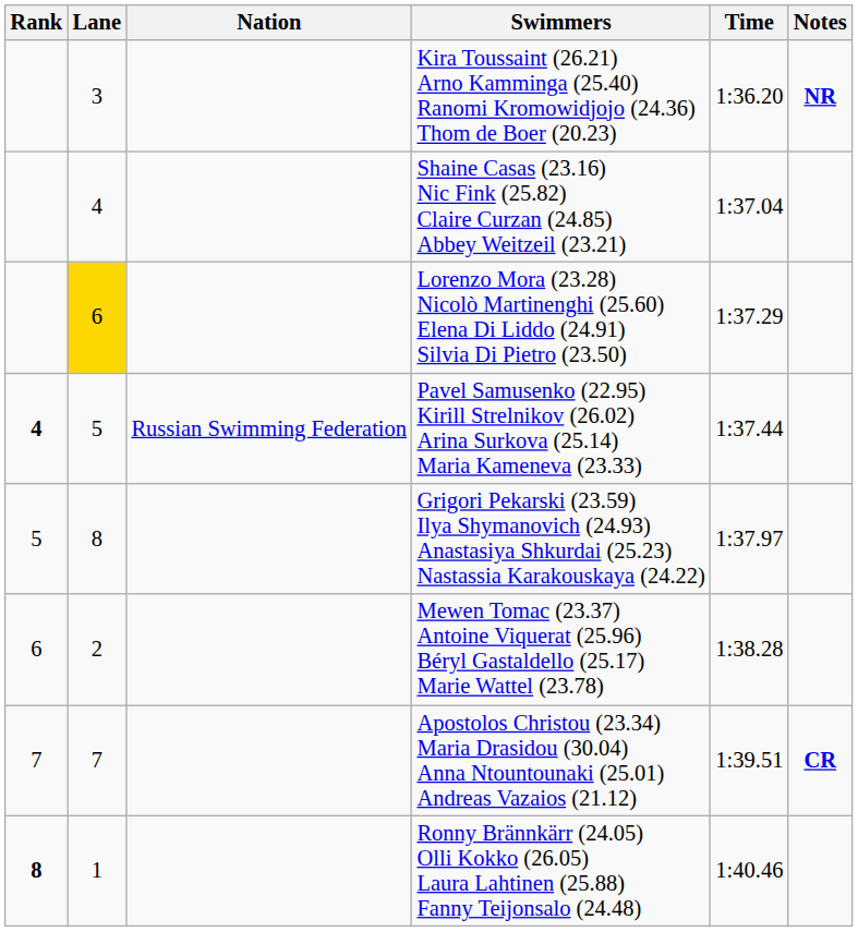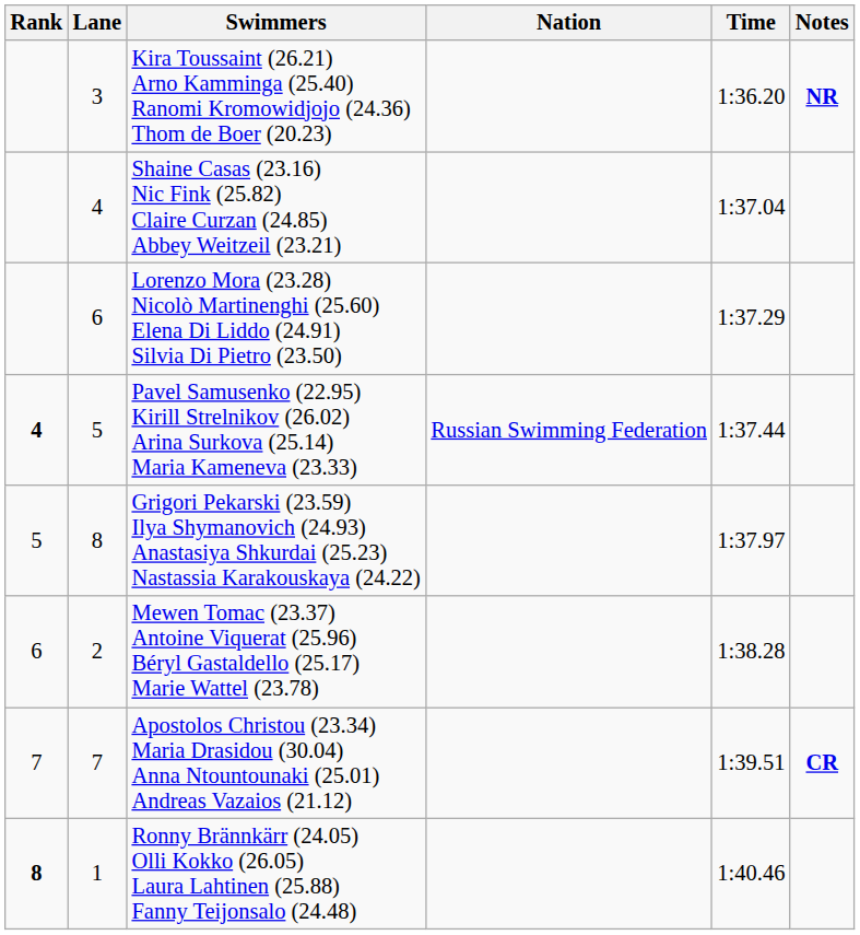 <table class="wikitable sortable" style="text-align:center">
 <tr>
 <th>Rank</th>
 <th>Lane</th>
+<th>Swimmers</th>
 <th>Nation</th>
-<th>Swimmers</th>
 <th>Time</th>
 <th>Notes</th>
 </tr>
 <tr>
 <td></td>
 <td>3</td>
+<td align=left><a href='#'>Kira Toussaint</a> (26.21)<br><a href='#'>Arno Kamminga</a> (25.40)<br><a href='#'>Ranomi Kromowidjojo</a> (24.36)<br><a href='#'>Thom de Boer</a> (20.23)</td>
 <td align=left></td>
-<td align=left><a href='#'>Kira Toussaint</a> (26.21)<br><a href='#'>Arno Kamminga</a> (25.40)<br><a href='#'>Ranomi Kromowidjojo</a> (24.36)<br><a href='#'>Thom de Boer</a> (20.23)</td>
 <td>1:36.20</td>
 <td><strong><a href='#'>NR</a></strong></td>
 </tr>
 <tr>
 <td></td>
 <td>4</td>
+<td align=left><a href='#'>Shaine Casas</a> (23.16)<br><a href='#'>Nic Fink</a> (25.82)<br><a href='#'>Claire Curzan</a> (24.85)<br><a href='#'>Abbey Weitzeil</a> (23.21)</td>
 <td align=left></td>
-<td align=left><a href='#'>Shaine Casas</a> (23.16)<br><a href='#'>Nic Fink</a> (25.82)<br><a href='#'>Claire Curzan</a> (24.85)<br><a href='#'>Abbey Weitzeil</a> (23.21)</td>
 <td>1:37.04</td>
 <td></td>
 </tr>
 <tr>
 <td></td>
-<td style="background: gold;">6</td>
+<td>6</td>
+<td align=left><a href='#'>Lorenzo Mora</a> (23.28)<br><a href='#'>Nicolò Martinenghi</a> (25.60)<br><a href='#'>Elena Di Liddo</a> (24.91)<br><a href='#'>Silvia Di Pietro</a> (23.50)</td>
 <td align=left></td>
-<td align=left><a href='#'>Lorenzo Mora</a> (23.28)<br><a href='#'>Nicolò Martinenghi</a> (25.60)<br><a href='#'>Elena Di Liddo</a> (24.91)<br><a href='#'>Silvia Di Pietro</a> (23.50)</td>
 <td>1:37.29</td>
 <td></td>
 </tr>
 <tr>
 <td><strong>4</strong></td>
 <td>5</td>
+<td align=left><a href='#'>Pavel Samusenko</a> (22.95)<br><a href='#'>Kirill Strelnikov</a> (26.02)<br><a href='#'>Arina Surkova</a> (25.14)<br><a href='#'>Maria Kameneva</a> (23.33)</td>
 <td align=left><a href='#'>Russian Swimming Federation</a></td>
-<td align=left><a href='#'>Pavel Samusenko</a> (22.95)<br><a href='#'>Kirill Strelnikov</a> (26.02)<br><a href='#'>Arina Surkova</a> (25.14)<br><a href='#'>Maria Kameneva</a> (23.33)</td>
 <td>1:37.44</td>
 <td></td>
 </tr>
 <tr>
 <td>5</td>
 <td>8</td>
+<td align=left><a href='#'>Grigori Pekarski</a> (23.59)<br><a href='#'>Ilya Shymanovich</a> (24.93)<br><a href='#'>Anastasiya Shkurdai</a> (25.23)<br><a href='#'>Nastassia Karakouskaya</a> (24.22)</td>
 <td align=left></td>
-<td align=left><a href='#'>Grigori Pekarski</a> (23.59)<br><a href='#'>Ilya Shymanovich</a> (24.93)<br><a href='#'>Anastasiya Shkurdai</a> (25.23)<br><a href='#'>Nastassia Karakouskaya</a> (24.22)</td>
 <td>1:37.97</td>
 <td></td>
 </tr>
 <tr>
 <td>6</td>
 <td>2</td>
+<td align=left><a href='#'>Mewen Tomac</a> (23.37)<br><a href='#'>Antoine Viquerat</a> (25.96)<br><a href='#'>Béryl Gastaldello</a> (25.17)<br><a href='#'>Marie Wattel</a> (23.78)</td>
 <td align=left></td>
-<td align=left><a href='#'>Mewen Tomac</a> (23.37)<br><a href='#'>Antoine Viquerat</a> (25.96)<br><a href='#'>Béryl Gastaldello</a> (25.17)<br><a href='#'>Marie Wattel</a> (23.78)</td>
 <td>1:38.28</td>
 <td></td>
 </tr>
 <tr>
 <td>7</td>
 <td>7</td>
+<td align=left><a href='#'>Apostolos Christou</a> (23.34)<br><a href='#'>Maria Drasidou</a> (30.04)<br><a href='#'>Anna Ntountounaki</a> (25.01)<br><a href='#'>Andreas Vazaios</a> (21.12)</td>
 <td align=left></td>
-<td align=left><a href='#'>Apostolos Christou</a> (23.34)<br><a href='#'>Maria Drasidou</a> (30.04)<br><a href='#'>Anna Ntountounaki</a> (25.01)<br><a href='#'>Andreas Vazaios</a> (21.12)</td>
 <td>1:39.51</td>
 <td><strong><a href='#'>CR</a></strong></td>
 </tr>
 <tr>
 <td><strong>8</strong></td>
 <td>1</td>
+<td align=left><a href='#'>Ronny Brännkärr</a> (24.05)<br><a href='#'>Olli Kokko</a> (26.05)<br><a href='#'>Laura Lahtinen</a> (25.88)<br><a href='#'>Fanny Teijonsalo</a> (24.48)</td>
 <td align=left></td>
-<td align=left><a href='#'>Ronny Brännkärr</a> (24.05)<br><a href='#'>Olli Kokko</a> (26.05)<br><a href='#'>Laura Lahtinen</a> (25.88)<br><a href='#'>Fanny Teijonsalo</a> (24.48)</td>
 <td>1:40.46</td>
 <td></td>
 </tr>
 </table>
